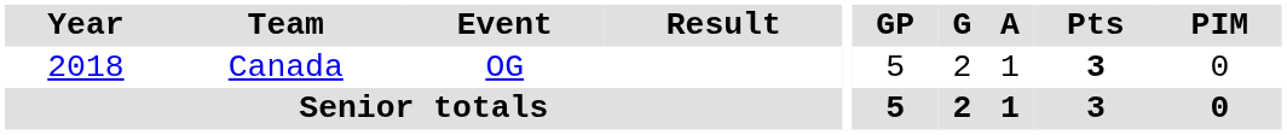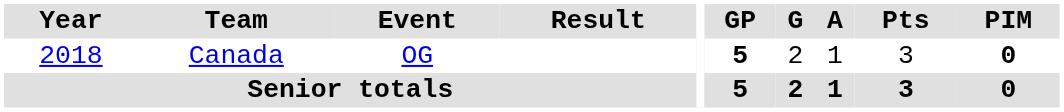 <table border="0" cellpadding="1" cellspacing="0" ID="Table3" style="text-align:center; width:40em">
 <tr ALIGN="center" bgcolor="#e0e0e0">
 <th>Year</th>
 <th>Team</th>
 <th>Event</th>
 <th>Result</th>
 <th rowspan="99" bgcolor="#ffffff"></th>
 <th>GP</th>
 <th>G</th>
 <th>A</th>
 <th>Pts</th>
 <th>PIM</th>
 </tr>
 <tr>
 <td><a href='#'>2018</a></td>
 <td><a href='#'>Canada</a></td>
 <td><a href='#'>OG</a></td>
 <td></td>
-<td>5</td>
+<td><strong>5</strong></td>
 <td>2</td>
 <td>1</td>
-<td><strong>3</strong></td>
-<td>0</td>
+<td>3</td>
+<td><strong>0</strong></td>
 </tr>
 <tr bgcolor="#e0e0e0">
 <th colspan="4">Senior totals</th>
 <th>5</th>
 <th>2</th>
 <th>1</th>
 <th>3</th>
 <th>0</th>
 </tr>
 </table>
